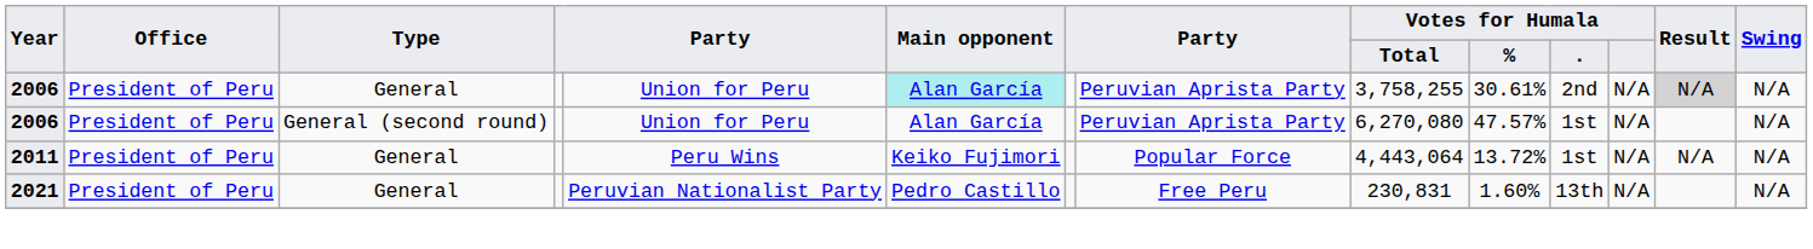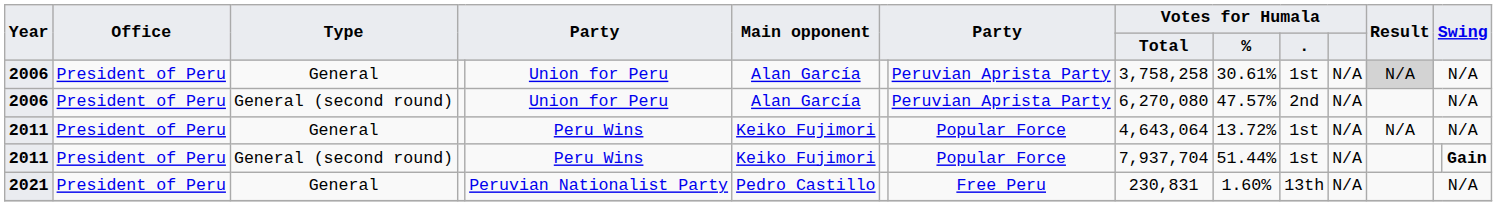 <table class="wikitable" style="font-size:90%; text-align:center;">
 <tr>
 <th style="background-color:#EAECF0;" rowspan=2>Year</th>
 <th style="background-color:#EAECF0;" rowspan=2>Office</th>
 <th style="background-color:#EAECF0;" rowspan=2>Type</th>
 <th style="background-color:#EAECF0;" colspan=2 rowspan=2>Party</th>
 <th style="background-color:#EAECF0;" rowspan=2>Main opponent</th>
 <th style="background-color:#EAECF0;" colspan=2 rowspan=2>Party</th>
 <th style="background-color:#EAECF0;" colspan=4>Votes for Humala</th>
 <th style="background-color:#EAECF0;" rowspan=2>Result</th>
 <th style="background-color:#EAECF0;" colspan=2 rowspan=2><a href='#'>Swing</a></th>
 </tr>
 <tr>
 <th style="background-color:#EAECF0;">Total</th>
 <th style="background-color:#EAECF0;">%</th>
 <th style="background-color:#EAECF0;">.</th>
 <th style="background-color:#EAECF0;"></th>
 </tr>
 <tr>
 <th style="background-color:#EAECF0;">2006</th>
 <td><a href='#'>President of Peru</a></td>
 <td>General</td>
 <td style="background-color:"></td>
 <td><a href='#'>Union for Peru</a></td>
-<td style="background: paleturquoise;"><a href='#'>Alan García</a></td>
+<td><a href='#'>Alan García</a></td>
 <td style="background-color:"></td>
 <td><a href='#'>Peruvian Aprista Party</a></td>
-<td>3,758,255</td>
+<td>3,758,258</td>
 <td>30.61%</td>
-<td>2nd</td>
+<td>1st</td>
 <td>N/A</td>
 <td style="background: lightgrey;">N/A</td>
 <td colspan=2>N/A</td>
 </tr>
 <tr>
 <th style="background-color:#EAECF0;">2006</th>
 <td><a href='#'>President of Peru</a></td>
 <td>General (second round)</td>
 <td style="background-color:"></td>
 <td><a href='#'>Union for Peru</a></td>
 <td><a href='#'>Alan García</a></td>
 <td style="background-color:"></td>
 <td><a href='#'>Peruvian Aprista Party</a></td>
 <td>6,270,080</td>
 <td>47.57%</td>
-<td>1st</td>
+<td>2nd</td>
 <td>N/A</td>
 <td></td>
 <td colspan=2>N/A</td>
 </tr>
 <tr>
 <th style="background-color:#EAECF0;">2011</th>
 <td><a href='#'>President of Peru</a></td>
 <td>General</td>
 <td style="background-color:"></td>
 <td><a href='#'>Peru Wins</a></td>
 <td><a href='#'>Keiko Fujimori</a></td>
 <td style="background-color:"></td>
 <td><a href='#'>Popular Force</a></td>
-<td>4,443,064</td>
+<td>4,643,064</td>
 <td>13.72%</td>
 <td>1st</td>
 <td>N/A</td>
 <td>N/A</td>
 <td colspan=2>N/A</td>
+</tr>
+<tr>
+<th style="background-color:#EAECF0;">2011</th>
+<td><a href='#'>President of Peru</a></td>
+<td>General (second round)</td>
+<td style="background-color:"></td>
+<td><a href='#'>Peru Wins</a></td>
+<td><a href='#'>Keiko Fujimori</a></td>
+<td style="background-color:"></td>
+<td><a href='#'>Popular Force</a></td>
+<td>7,937,704</td>
+<td>51.44%</td>
+<td>1st</td>
+<td>N/A</td>
+<td></td>
+<td style="background-color:"></td>
+<td><strong>Gain</strong></td>
 </tr>
 <tr>
 <th style="background-color:#EAECF0;">2021</th>
 <td><a href='#'>President of Peru</a></td>
 <td>General</td>
 <td style="background-color:"></td>
 <td><a href='#'>Peruvian Nationalist Party</a></td>
 <td><a href='#'>Pedro Castillo</a></td>
 <td style="background-color:"></td>
 <td><a href='#'>Free Peru</a></td>
 <td>230,831</td>
 <td>1.60%</td>
 <td>13th</td>
 <td>N/A</td>
 <td></td>
 <td colspan=2>N/A</td>
 </tr>
 <tr>
 </tr>
 </table>
